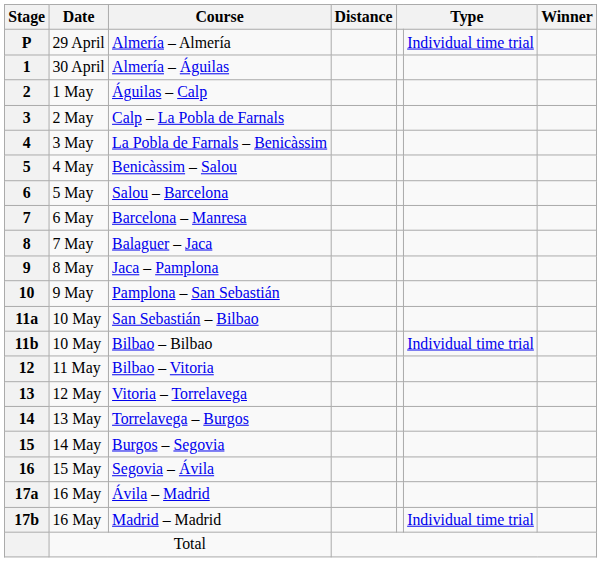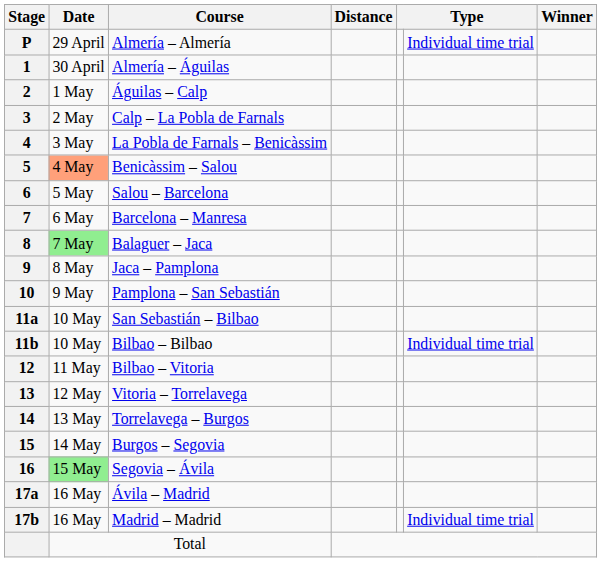 <table class="wikitable">
 <tr>
 <th scope="col">Stage</th>
 <th scope="col">Date</th>
 <th scope="col">Course</th>
 <th scope="col">Distance</th>
 <th scope="col" colspan="2">Type</th>
 <th scope="col">Winner</th>
 </tr>
 <tr>
 <th scope="row">P</th>
 <td>29 April</td>
 <td><a href='#'>Almería</a> – Almería</td>
 <td style="text-align:center;"></td>
 <td></td>
 <td><a href='#'>Individual time trial</a></td>
 <td></td>
 </tr>
 <tr>
 <th scope="row">1</th>
 <td>30 April</td>
 <td><a href='#'>Almería</a> – <a href='#'>Águilas</a></td>
 <td style="text-align:center;"></td>
 <td></td>
 <td></td>
 <td></td>
 </tr>
 <tr>
 <th scope="row">2</th>
 <td>1 May</td>
 <td><a href='#'>Águilas</a> – <a href='#'>Calp</a></td>
 <td style="text-align:center;"></td>
 <td></td>
 <td></td>
 <td></td>
 </tr>
 <tr>
 <th scope="row">3</th>
 <td>2 May</td>
 <td><a href='#'>Calp</a> – <a href='#'>La Pobla de Farnals</a></td>
 <td style="text-align:center;"></td>
 <td></td>
 <td></td>
 <td></td>
 </tr>
 <tr>
 <th scope="row">4</th>
 <td>3 May</td>
 <td><a href='#'>La Pobla de Farnals</a> – <a href='#'>Benicàssim</a></td>
 <td style="text-align:center;"></td>
 <td></td>
 <td></td>
 <td></td>
 </tr>
 <tr>
 <th scope="row">5</th>
-<td>4 May</td>
+<td style="background: lightsalmon;">4 May</td>
 <td><a href='#'>Benicàssim</a> – <a href='#'>Salou</a></td>
 <td style="text-align:center;"></td>
 <td></td>
 <td></td>
 <td></td>
 </tr>
 <tr>
 <th scope="row">6</th>
 <td>5 May</td>
 <td><a href='#'>Salou</a> – <a href='#'>Barcelona</a></td>
 <td style="text-align:center;"></td>
 <td></td>
 <td></td>
 <td></td>
 </tr>
 <tr>
 <th scope="row">7</th>
 <td>6 May</td>
 <td><a href='#'>Barcelona</a> – <a href='#'>Manresa</a></td>
 <td style="text-align:center;"></td>
 <td></td>
 <td></td>
 <td></td>
 </tr>
 <tr>
 <th scope="row">8</th>
-<td>7 May</td>
+<td style="background: lightgreen;">7 May</td>
 <td><a href='#'>Balaguer</a> – <a href='#'>Jaca</a></td>
 <td style="text-align:center;"></td>
 <td></td>
 <td></td>
 <td></td>
 </tr>
 <tr>
 <th scope="row">9</th>
 <td>8 May</td>
 <td><a href='#'>Jaca</a> – <a href='#'>Pamplona</a></td>
 <td style="text-align:center;"></td>
 <td></td>
 <td></td>
 <td></td>
 </tr>
 <tr>
 <th scope="row">10</th>
 <td>9 May</td>
 <td><a href='#'>Pamplona</a> – <a href='#'>San Sebastián</a></td>
 <td style="text-align:center;"></td>
 <td></td>
 <td></td>
 <td></td>
 </tr>
 <tr>
 <th scope="row">11a</th>
 <td>10 May</td>
 <td><a href='#'>San Sebastián</a> – <a href='#'>Bilbao</a></td>
 <td style="text-align:center;"></td>
 <td></td>
 <td></td>
 <td></td>
 </tr>
 <tr>
 <th scope="row">11b</th>
 <td>10 May</td>
 <td><a href='#'>Bilbao</a> – Bilbao</td>
 <td style="text-align:center;"></td>
 <td></td>
 <td><a href='#'>Individual time trial</a></td>
 <td></td>
 </tr>
 <tr>
 <th scope="row">12</th>
 <td>11 May</td>
 <td><a href='#'>Bilbao</a> – <a href='#'>Vitoria</a></td>
 <td style="text-align:center;"></td>
 <td></td>
 <td></td>
 <td></td>
 </tr>
 <tr>
 <th scope="row">13</th>
 <td>12 May</td>
 <td><a href='#'>Vitoria</a> – <a href='#'>Torrelavega</a></td>
 <td style="text-align:center;"></td>
 <td></td>
 <td></td>
 <td></td>
 </tr>
 <tr>
 <th scope="row">14</th>
 <td>13 May</td>
 <td><a href='#'>Torrelavega</a> – <a href='#'>Burgos</a></td>
 <td style="text-align:center;"></td>
 <td></td>
 <td></td>
 <td></td>
 </tr>
 <tr>
 <th scope="row">15</th>
 <td>14 May</td>
 <td><a href='#'>Burgos</a> – <a href='#'>Segovia</a></td>
 <td style="text-align:center;"></td>
 <td></td>
 <td></td>
 <td></td>
 </tr>
 <tr>
 <th scope="row">16</th>
-<td>15 May</td>
+<td style="background: lightgreen;">15 May</td>
 <td><a href='#'>Segovia</a> – <a href='#'>Ávila</a></td>
 <td style="text-align:center;"></td>
 <td></td>
 <td></td>
 <td></td>
 </tr>
 <tr>
 <th scope="row">17a</th>
 <td>16 May</td>
 <td><a href='#'>Ávila</a> – <a href='#'>Madrid</a></td>
 <td style="text-align:center;"></td>
 <td></td>
 <td></td>
 <td></td>
 </tr>
 <tr>
 <th scope="row">17b</th>
 <td>16 May</td>
 <td><a href='#'>Madrid</a> – Madrid</td>
 <td style="text-align:center;"></td>
 <td></td>
 <td><a href='#'>Individual time trial</a></td>
 <td></td>
 </tr>
 <tr>
 <th scope="row"></th>
 <td colspan="2" style="text-align:center">Total</td>
 <td colspan="4" style="text-align:center"></td>
 </tr>
 </table>
